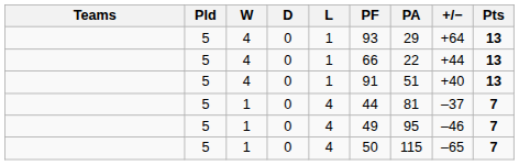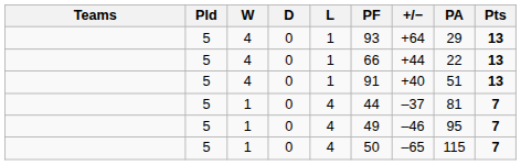 <table class="wikitable" style="text-align: center;">
 <tr>
 <th width="200">Teams</th>
 <th width="40">Pld</th>
 <th width="40">W</th>
 <th width="40">D</th>
 <th width="40">L</th>
 <th width="40">PF</th>
+<th width="40">+/−</th>
 <th width="40">PA</th>
-<th width="40">+/−</th>
 <th width="40">Pts</th>
 </tr>
 <tr>
 <td align=left></td>
 <td>5</td>
 <td>4</td>
 <td>0</td>
 <td>1</td>
 <td>93</td>
+<td>+64</td>
 <td>29</td>
-<td>+64</td>
 <td><strong>13</strong></td>
 </tr>
 <tr>
 <td align=left></td>
 <td>5</td>
 <td>4</td>
 <td>0</td>
 <td>1</td>
 <td>66</td>
+<td>+44</td>
 <td>22</td>
-<td>+44</td>
 <td><strong>13</strong></td>
 </tr>
 <tr>
 <td align=left></td>
 <td>5</td>
 <td>4</td>
 <td>0</td>
 <td>1</td>
 <td>91</td>
+<td>+40</td>
 <td>51</td>
-<td>+40</td>
 <td><strong>13</strong></td>
 </tr>
 <tr>
 <td align=left></td>
 <td>5</td>
 <td>1</td>
 <td>0</td>
 <td>4</td>
 <td>44</td>
+<td>–37</td>
 <td>81</td>
-<td>–37</td>
 <td><strong>7</strong></td>
 </tr>
 <tr>
 <td align=left></td>
 <td>5</td>
 <td>1</td>
 <td>0</td>
 <td>4</td>
 <td>49</td>
+<td>–46</td>
 <td>95</td>
-<td>–46</td>
 <td><strong>7</strong></td>
 </tr>
 <tr>
 <td align=left></td>
 <td>5</td>
 <td>1</td>
 <td>0</td>
 <td>4</td>
 <td>50</td>
+<td>–65</td>
 <td>115</td>
-<td>–65</td>
 <td><strong>7</strong></td>
 </tr>
 </table>
